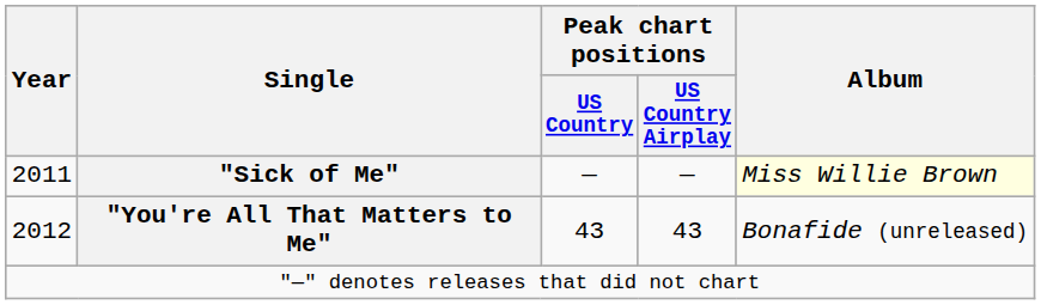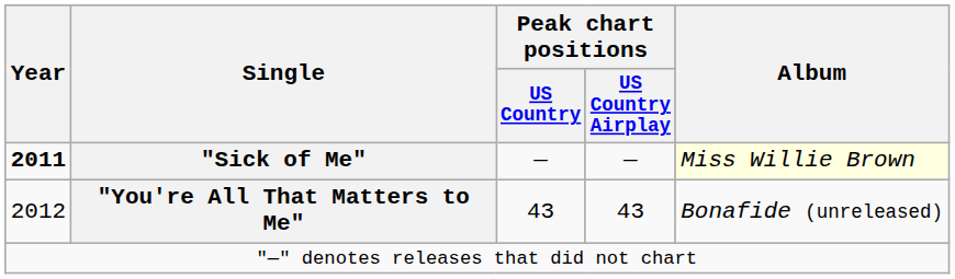 <table class="wikitable plainrowheaders" style="text-align:center;">
 <tr>
 <th rowspan="2">Year</th>
 <th rowspan="2" style="width:18em;">Single</th>
 <th colspan="2">Peak chart<br>positions</th>
 <th rowspan="2">Album</th>
 </tr>
 <tr style="font-size:smaller;">
 <th style="width:45px;"><a href='#'>US Country</a></th>
 <th style="width:45px;"><a href='#'>US Country Airplay</a></th>
 </tr>
 <tr>
-<td>2011</td>
+<td><strong>2011</strong></td>
 <th scope="row">"Sick of Me"</th>
 <td>—</td>
 <td>—</td>
 <td style="background: lightyellow; text-align:left;"><em>Miss Willie Brown</em></td>
 </tr>
 <tr>
 <td>2012</td>
 <th scope="row">"You're All That Matters to Me"</th>
 <td>43</td>
 <td>43</td>
 <td style="text-align:left;"><em>Bonafide</em> <small>(unreleased)</small></td>
 </tr>
 <tr>
 <td colspan="5" style="font-size:8pt">"—" denotes releases that did not chart</td>
 </tr>
 </table>
